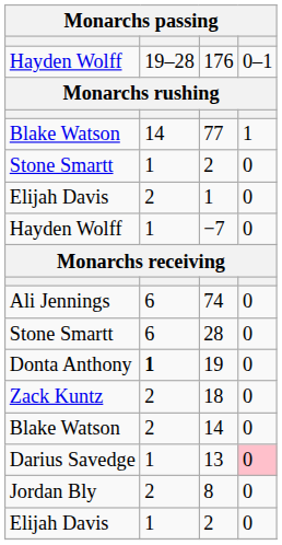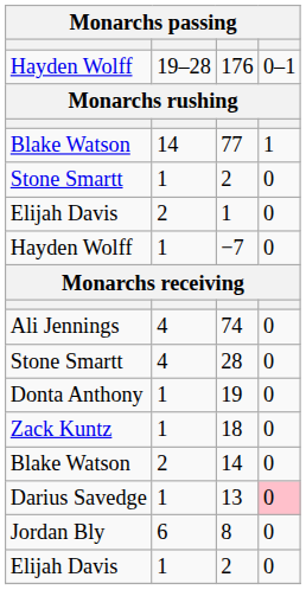 <table class="wikitable plainrowheaders">
 <tr>
 <th colspan="6">Monarchs passing</th>
 </tr>
 <tr>
 <th scope="col"></th>
 <th scope="col"></th>
 <th scope="col"></th>
 <th scope="col"></th>
 </tr>
 <tr>
 <td><a href='#'>Hayden Wolff</a></td>
 <td>19–28</td>
 <td>176</td>
 <td>0–1</td>
 </tr>
 <tr>
 <th colspan="6">Monarchs rushing</th>
 </tr>
 <tr>
 <th scope="col"></th>
 <th scope="col"></th>
 <th scope="col"></th>
 <th scope="col"></th>
 </tr>
 <tr>
 <td><a href='#'>Blake Watson</a></td>
 <td>14</td>
 <td>77</td>
 <td>1</td>
 </tr>
 <tr>
 <td><a href='#'>Stone Smartt</a></td>
 <td>1</td>
 <td>2</td>
 <td>0</td>
 </tr>
 <tr>
 <td>Elijah Davis</td>
 <td>2</td>
 <td>1</td>
 <td>0</td>
 </tr>
 <tr>
 <td>Hayden Wolff</td>
 <td>1</td>
 <td>−7</td>
 <td>0</td>
 </tr>
 <tr>
 <th colspan="6">Monarchs receiving</th>
 </tr>
 <tr>
 <th scope="col"></th>
 <th scope="col"></th>
 <th scope="col"></th>
 <th scope="col"></th>
 </tr>
 <tr>
 <td>Ali Jennings</td>
-<td>6</td>
+<td>4</td>
 <td>74</td>
 <td>0</td>
 </tr>
 <tr>
 <td>Stone Smartt</td>
-<td>6</td>
+<td>4</td>
 <td>28</td>
 <td>0</td>
 </tr>
 <tr>
 <td>Donta Anthony</td>
-<td><strong>1</strong></td>
+<td>1</td>
 <td>19</td>
 <td>0</td>
 </tr>
 <tr>
 <td><a href='#'>Zack Kuntz</a></td>
-<td>2</td>
+<td>1</td>
 <td>18</td>
 <td>0</td>
 </tr>
 <tr>
 <td>Blake Watson</td>
 <td>2</td>
 <td>14</td>
 <td>0</td>
 </tr>
 <tr>
 <td>Darius Savedge</td>
 <td>1</td>
 <td>13</td>
 <td style="background: pink;">0</td>
 </tr>
 <tr>
 <td>Jordan Bly</td>
-<td>2</td>
+<td>6</td>
 <td>8</td>
 <td>0</td>
 </tr>
 <tr>
 <td>Elijah Davis</td>
 <td>1</td>
 <td>2</td>
 <td>0</td>
 </tr>
 <tr>
 </tr>
 </table>
